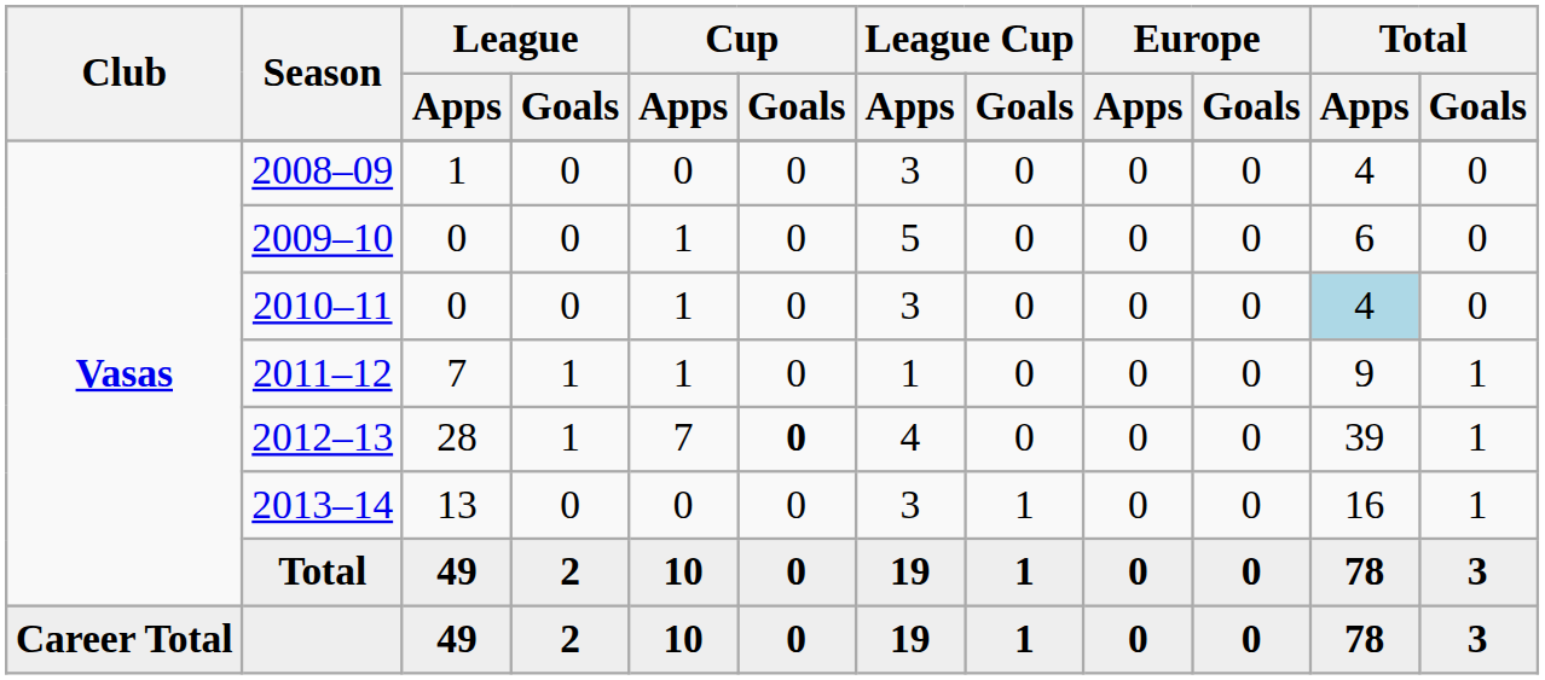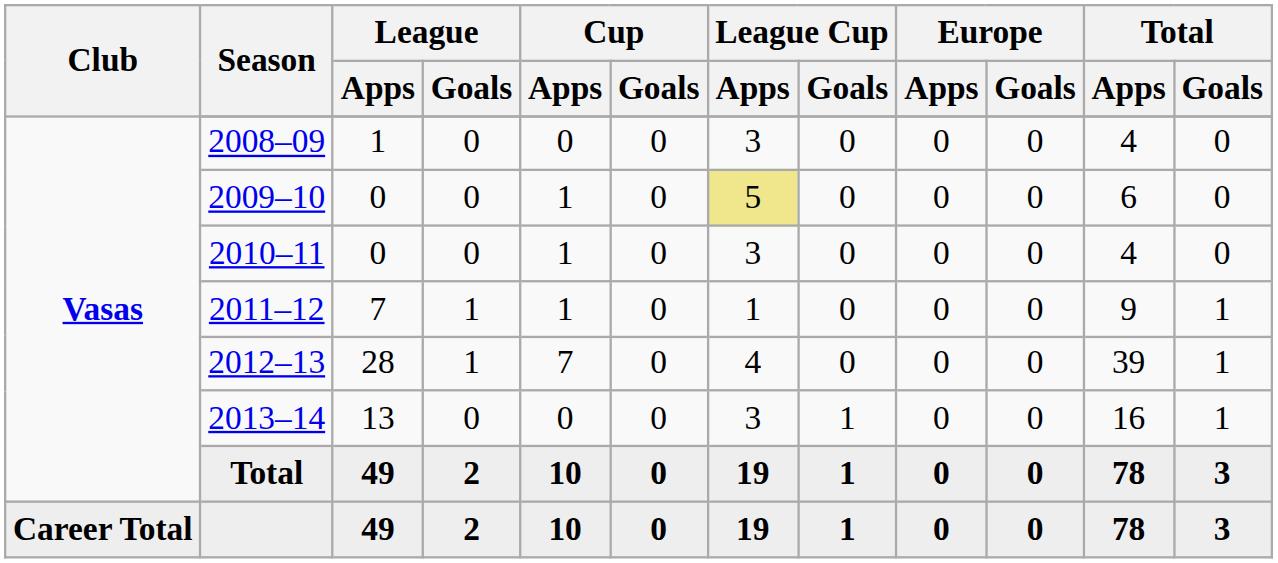 <table class="wikitable" style="font-size:90%; text-align: center;">
 <tr>
 <th rowspan="2">Club</th>
 <th rowspan="2">Season</th>
 <th colspan="2">League</th>
 <th colspan="2">Cup</th>
 <th colspan="2">League Cup</th>
 <th colspan="2">Europe</th>
 <th colspan="2">Total</th>
 </tr>
 <tr>
 <th>Apps</th>
 <th>Goals</th>
 <th>Apps</th>
 <th>Goals</th>
 <th>Apps</th>
 <th>Goals</th>
 <th>Apps</th>
 <th>Goals</th>
 <th>Apps</th>
 <th>Goals</th>
 </tr>
 <tr ||-||-||-|->
 <td rowspan="8" valign="center"><strong><a href='#'>Vasas</a></strong></td>
 </tr>
 <tr>
 <td><a href='#'>2008–09</a></td>
 <td>1</td>
 <td>0</td>
 <td>0</td>
 <td>0</td>
 <td>3</td>
 <td>0</td>
 <td>0</td>
 <td>0</td>
 <td>4</td>
 <td>0</td>
 </tr>
 <tr>
 <td><a href='#'>2009–10</a></td>
 <td>0</td>
 <td>0</td>
 <td>1</td>
 <td>0</td>
-<td>5</td>
+<td style="background: khaki;">5</td>
 <td>0</td>
 <td>0</td>
 <td>0</td>
 <td>6</td>
 <td>0</td>
 </tr>
 <tr>
 <td><a href='#'>2010–11</a></td>
 <td>0</td>
 <td>0</td>
 <td>1</td>
 <td>0</td>
 <td>3</td>
 <td>0</td>
 <td>0</td>
 <td>0</td>
-<td style="background: lightblue;">4</td>
+<td>4</td>
 <td>0</td>
 </tr>
 <tr>
 <td><a href='#'>2011–12</a></td>
 <td>7</td>
 <td>1</td>
 <td>1</td>
 <td>0</td>
 <td>1</td>
 <td>0</td>
 <td>0</td>
 <td>0</td>
 <td>9</td>
 <td>1</td>
 </tr>
 <tr>
 <td><a href='#'>2012–13</a></td>
 <td>28</td>
 <td>1</td>
 <td>7</td>
-<td><strong>0</strong></td>
+<td>0</td>
 <td>4</td>
 <td>0</td>
 <td>0</td>
 <td>0</td>
 <td>39</td>
 <td>1</td>
 </tr>
 <tr>
 <td><a href='#'>2013–14</a></td>
 <td>13</td>
 <td>0</td>
 <td>0</td>
 <td>0</td>
 <td>3</td>
 <td>1</td>
 <td>0</td>
 <td>0</td>
 <td>16</td>
 <td>1</td>
 </tr>
 <tr style="font-weight:bold; background-color:#eeeeee;">
 <td>Total</td>
 <td>49</td>
 <td>2</td>
 <td>10</td>
 <td>0</td>
 <td>19</td>
 <td>1</td>
 <td>0</td>
 <td>0</td>
 <td>78</td>
 <td>3</td>
 </tr>
 <tr style="font-weight:bold; background-color:#eeeeee;">
 <td rowspan="1" valign="top"><strong>Career Total</strong></td>
 <td></td>
 <td><strong>49</strong></td>
 <td><strong>2</strong></td>
 <td><strong>10</strong></td>
 <td><strong>0</strong></td>
 <td><strong>19</strong></td>
 <td><strong>1</strong></td>
 <td><strong>0</strong></td>
 <td><strong>0</strong></td>
 <td><strong>78</strong></td>
 <td><strong>3</strong></td>
 </tr>
 </table>
